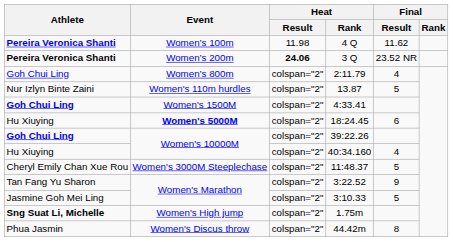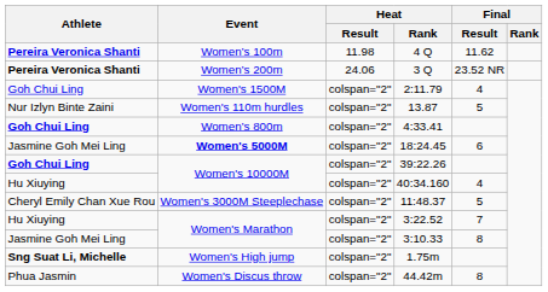 <table class="wikitable">
 <tr>
 <th rowspan="2">Athlete</th>
 <th rowspan="2">Event</th>
 <th colspan="2">Heat</th>
 <th colspan="2">Final</th>
 </tr>
 <tr>
 <th>Result</th>
 <th>Rank</th>
 <th>Result</th>
 <th>Rank</th>
 </tr>
 <tr align="center">
 <td align="left"><a href='#'><strong>Pereira Veronica Shanti</strong></a></td>
 <td><a href='#'>Women’s 100m</a></td>
 <td>11.98</td>
 <td>4 Q</td>
 <td>11.62</td>
 <td></td>
 </tr>
 <tr align="center">
 <td align="left"><strong>Pereira Veronica Shanti</strong></td>
 <td><a href='#'>Women’s 200m</a></td>
-<td><strong>24.06</strong></td>
+<td>24.06</td>
 <td>3 Q</td>
 <td>23.52 NR</td>
 <td></td>
 </tr>
 <tr align="center">
 <td align="left"><a href='#'>Goh Chui Ling</a></td>
-<td><a href='#'>Women’s 800m</a></td>
+<td><a href='#'>Women's 1500M</a></td>
 <td>colspan="2" </td>
 <td>2:11.79</td>
 <td>4</td>
 </tr>
 <tr align="center">
 <td align="left">Nur Izlyn Binte Zaini</td>
 <td><a href='#'>Women's 110m hurdles</a></td>
 <td>colspan="2" </td>
 <td>13.87</td>
 <td>5</td>
 </tr>
 <tr align="center">
 <td align="left"><strong><a href='#'>Goh Chui Ling</a></strong></td>
-<td><a href='#'>Women's 1500M</a></td>
+<td><a href='#'>Women’s 800m</a></td>
 <td>colspan="2" </td>
 <td>4:33.41</td>
 <td></td>
 </tr>
 <tr align="center">
-<td align="left">Hu Xiuying</td>
+<td align="left">Jasmine Goh Mei Ling</td>
 <td><strong><a href='#'>Women's 5000M</a></strong></td>
 <td>colspan="2" </td>
 <td>18:24.45</td>
 <td>6</td>
 </tr>
 <tr align="center">
 <td align="left"><strong><a href='#'>Goh Chui Ling</a></strong></td>
 <td rowspan="2"><a href='#'>Women's 10000M</a></td>
 <td>colspan="2" </td>
 <td>39:22.26</td>
 <td></td>
 </tr>
 <tr align="center">
 <td align="left">Hu Xiuying</td>
 <td>colspan="2" </td>
 <td>40:34.160</td>
 <td>4</td>
 </tr>
 <tr align="center">
 <td align="left">Cheryl Emily Chan Xue Rou</td>
 <td><a href='#'>Women's 3000M Steeplechase</a></td>
 <td>colspan="2" </td>
 <td>11:48.37</td>
 <td>5</td>
 </tr>
 <tr align="center">
-<td align="left">Tan Fang Yu Sharon</td>
+<td align="left">Hu Xiuying</td>
 <td rowspan="2"><a href='#'>Women's Marathon</a></td>
 <td>colspan="2" </td>
 <td>3:22.52</td>
-<td>9</td>
+<td>7</td>
 </tr>
 <tr align="center">
 <td align="left">Jasmine Goh Mei Ling</td>
 <td>colspan="2" </td>
 <td>3:10.33</td>
-<td>5</td>
+<td>8</td>
 </tr>
 <tr align="center">
 <td align="left"><strong>Sng Suat Li, Michelle</strong></td>
 <td><a href='#'>Women's High jump</a></td>
 <td>colspan="2" </td>
 <td>1.75m</td>
 <td></td>
 </tr>
 <tr align="center">
 <td align="left">Phua Jasmin</td>
 <td><a href='#'>Women's Discus throw</a></td>
 <td>colspan="2" </td>
 <td>44.42m</td>
 <td>8</td>
 </tr>
 </table>
